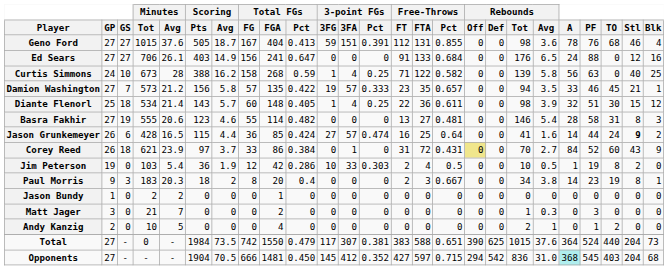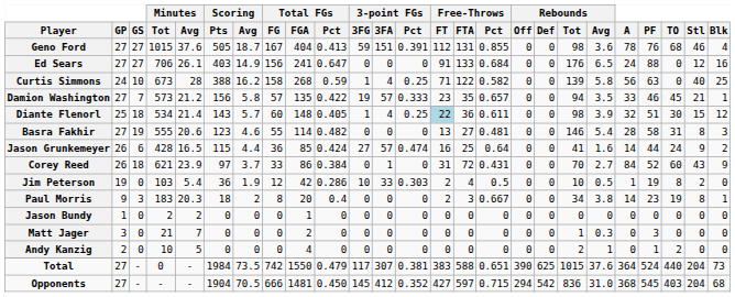 <table class="wikitable sortable" border="1" style="font-size:90%;">
 <tr>
 <th colspan="3" style="border-top-style:hidden; border-left-style:hidden; background: white;"></th>
 <th colspan="2" style=>Minutes</th>
 <th colspan="2" style=>Scoring</th>
 <th colspan="3" style=>Total FGs</th>
 <th colspan="3" style=>3-point FGs</th>
 <th colspan="3" style=>Free-Throws</th>
 <th colspan="4" style=>Rebounds</th>
 <th colspan="5" style="border-top-style:hidden; border-right-style:hidden; background: white;"></th>
 </tr>
 <tr>
 <th scope="col" style=>Player</th>
 <th scope="col" style=>GP</th>
 <th scope="col" style=>GS</th>
 <th scope="col" style=>Tot</th>
 <th scope="col" style=>Avg</th>
 <th scope="col" style=>Pts</th>
 <th scope="col" style=>Avg</th>
 <th scope="col" style=>FG</th>
 <th scope="col" style=>FGA</th>
 <th scope="col" style=>Pct</th>
 <th scope="col" style=>3FG</th>
 <th scope="col" style=>3FA</th>
 <th scope="col" style=>Pct</th>
 <th scope="col" style=>FT</th>
 <th scope="col" style=>FTA</th>
 <th scope="col" style=>Pct</th>
 <th scope="col" style=>Off</th>
 <th scope="col" style=>Def</th>
 <th scope="col" style=>Tot</th>
 <th scope="col" style=>Avg</th>
 <th scope="col" style=>A</th>
 <th scope="col" style=>PF</th>
 <th scope="col" style=>TO</th>
 <th scope="col" style=>Stl</th>
 <th scope="col" style=>Blk</th>
 </tr>
 <tr>
 <th>Geno Ford</th>
 <td align="right">27</td>
 <td align="right">27</td>
 <td align="right">1015</td>
 <td align="right">37.6</td>
 <td align="right">505</td>
 <td align="right">18.7</td>
 <td align="right">167</td>
 <td align="right">404</td>
 <td align="right">0.413</td>
 <td align="right">59</td>
 <td align="right">151</td>
 <td align="right">0.391</td>
 <td align="right">112</td>
 <td align="right">131</td>
 <td align="right">0.855</td>
 <td align="right">0</td>
 <td align="right">0</td>
 <td align="right">98</td>
 <td align="right">3.6</td>
 <td align="right">78</td>
 <td align="right">76</td>
 <td align="right">68</td>
 <td align="right">46</td>
 <td align="right">4</td>
 </tr>
 <tr>
 <th>Ed Sears</th>
 <td align="right">27</td>
 <td align="right">27</td>
 <td align="right">706</td>
 <td align="right">26.1</td>
 <td align="right">403</td>
 <td align="right">14.9</td>
 <td align="right">156</td>
 <td align="right">241</td>
 <td align="right">0.647</td>
 <td align="right">0</td>
 <td align="right">0</td>
 <td align="right">0</td>
 <td align="right">91</td>
 <td align="right">133</td>
 <td align="right">0.684</td>
 <td align="right">0</td>
 <td align="right">0</td>
 <td align="right">176</td>
 <td align="right">6.5</td>
 <td align="right">24</td>
 <td align="right">88</td>
 <td align="right">0</td>
 <td align="right">12</td>
 <td align="right">16</td>
 </tr>
 <tr>
 <th>Curtis Simmons</th>
 <td align="right">24</td>
 <td align="right">10</td>
 <td align="right">673</td>
 <td align="right">28</td>
 <td align="right">388</td>
 <td align="right">16.2</td>
 <td align="right">158</td>
 <td align="right">268</td>
 <td align="right">0.59</td>
 <td align="right">1</td>
 <td align="right">4</td>
 <td align="right">0.25</td>
 <td align="right">71</td>
 <td align="right">122</td>
 <td align="right">0.582</td>
 <td align="right">0</td>
 <td align="right">0</td>
 <td align="right">139</td>
 <td align="right">5.8</td>
 <td align="right">56</td>
 <td align="right">63</td>
 <td align="right">0</td>
 <td align="right">40</td>
 <td align="right">25</td>
 </tr>
 <tr>
 <th>Damion Washington</th>
 <td align="right">27</td>
 <td align="right">7</td>
 <td align="right">573</td>
 <td align="right">21.2</td>
 <td align="right">156</td>
 <td align="right">5.8</td>
 <td align="right">57</td>
 <td align="right">135</td>
 <td align="right">0.422</td>
 <td align="right">19</td>
 <td align="right">57</td>
 <td align="right">0.333</td>
 <td align="right">23</td>
 <td align="right">35</td>
 <td align="right">0.657</td>
 <td align="right">0</td>
 <td align="right">0</td>
 <td align="right">94</td>
 <td align="right">3.5</td>
 <td align="right">33</td>
 <td align="right">46</td>
 <td align="right">45</td>
 <td align="right">21</td>
 <td align="right">1</td>
 </tr>
 <tr>
 <th>Diante Flenorl</th>
 <td align="right">25</td>
 <td align="right">18</td>
 <td align="right">534</td>
 <td align="right">21.4</td>
 <td align="right">143</td>
 <td align="right">5.7</td>
 <td align="right">60</td>
 <td align="right">148</td>
 <td align="right">0.405</td>
 <td align="right">1</td>
 <td align="right">4</td>
 <td align="right">0.25</td>
-<td align="right">22</td>
+<td align="right" style="background: lightblue;">22</td>
 <td align="right">36</td>
 <td align="right">0.611</td>
 <td align="right">0</td>
 <td align="right">0</td>
 <td align="right">98</td>
 <td align="right">3.9</td>
 <td align="right">32</td>
 <td align="right">51</td>
 <td align="right">30</td>
 <td align="right">15</td>
 <td align="right">12</td>
 </tr>
 <tr>
 <th>Basra Fakhir</th>
 <td align="right">27</td>
 <td align="right">19</td>
 <td align="right">555</td>
 <td align="right">20.6</td>
 <td align="right">123</td>
 <td align="right">4.6</td>
 <td align="right">55</td>
 <td align="right">114</td>
 <td align="right">0.482</td>
 <td align="right">0</td>
 <td align="right">0</td>
 <td align="right">0</td>
 <td align="right">13</td>
 <td align="right">27</td>
 <td align="right">0.481</td>
 <td align="right">0</td>
 <td align="right">0</td>
 <td align="right">146</td>
 <td align="right">5.4</td>
 <td align="right">28</td>
 <td align="right">58</td>
 <td align="right">31</td>
 <td align="right">8</td>
 <td align="right">3</td>
 </tr>
 <tr>
 <th>Jason Grunkemeyer</th>
 <td align="right">26</td>
 <td align="right">6</td>
 <td align="right">428</td>
 <td align="right">16.5</td>
 <td align="right">115</td>
 <td align="right">4.4</td>
 <td align="right">36</td>
 <td align="right">85</td>
 <td align="right">0.424</td>
 <td align="right">27</td>
 <td align="right">57</td>
 <td align="right">0.474</td>
 <td align="right">16</td>
 <td align="right">25</td>
 <td align="right">0.64</td>
 <td align="right">0</td>
 <td align="right">0</td>
 <td align="right">41</td>
 <td align="right">1.6</td>
 <td align="right">14</td>
 <td align="right">44</td>
 <td align="right">24</td>
-<td align="right"><strong>9</strong></td>
+<td align="right">9</td>
 <td align="right">2</td>
 </tr>
 <tr>
 <th>Corey Reed</th>
 <td align="right">26</td>
 <td align="right">18</td>
 <td align="right">621</td>
 <td align="right">23.9</td>
 <td align="right">97</td>
 <td align="right">3.7</td>
 <td align="right">33</td>
 <td align="right">86</td>
 <td align="right">0.384</td>
 <td align="right">0</td>
 <td align="right">1</td>
 <td align="right">0</td>
 <td align="right">31</td>
 <td align="right">72</td>
 <td align="right">0.431</td>
-<td align="right" style="background: khaki;">0</td>
+<td align="right">0</td>
 <td align="right">0</td>
 <td align="right">70</td>
 <td align="right">2.7</td>
 <td align="right">84</td>
 <td align="right">52</td>
 <td align="right">60</td>
 <td align="right">43</td>
 <td align="right">9</td>
 </tr>
 <tr>
 <th>Jim Peterson</th>
 <td align="right">19</td>
 <td align="right">0</td>
 <td align="right">103</td>
 <td align="right">5.4</td>
 <td align="right">36</td>
 <td align="right">1.9</td>
 <td align="right">12</td>
 <td align="right">42</td>
 <td align="right">0.286</td>
 <td align="right">10</td>
 <td align="right">33</td>
 <td align="right">0.303</td>
 <td align="right">2</td>
 <td align="right">4</td>
 <td align="right">0.5</td>
 <td align="right">0</td>
 <td align="right">0</td>
 <td align="right">10</td>
 <td align="right">0.5</td>
 <td align="right">1</td>
 <td align="right">19</td>
 <td align="right">8</td>
 <td align="right">2</td>
 <td align="right">0</td>
 </tr>
 <tr>
 <th>Paul Morris</th>
 <td align="right">9</td>
 <td align="right">3</td>
 <td align="right">183</td>
 <td align="right">20.3</td>
 <td align="right">18</td>
 <td align="right">2</td>
 <td align="right">8</td>
 <td align="right">20</td>
 <td align="right">0.4</td>
 <td align="right">0</td>
 <td align="right">0</td>
 <td align="right">0</td>
 <td align="right">2</td>
 <td align="right">3</td>
 <td align="right">0.667</td>
 <td align="right">0</td>
 <td align="right">0</td>
 <td align="right">34</td>
 <td align="right">3.8</td>
 <td align="right">14</td>
 <td align="right">23</td>
 <td align="right">19</td>
 <td align="right">8</td>
 <td align="right">1</td>
 </tr>
 <tr>
 <th>Jason Bundy</th>
 <td align="right">1</td>
 <td align="right">0</td>
 <td align="right">2</td>
 <td align="right">2</td>
 <td align="right">0</td>
 <td align="right">0</td>
 <td align="right">0</td>
 <td align="right">1</td>
 <td align="right">0</td>
 <td align="right">0</td>
 <td align="right">0</td>
 <td align="right">0</td>
 <td align="right">0</td>
 <td align="right">0</td>
 <td align="right">0</td>
 <td align="right">0</td>
 <td align="right">0</td>
 <td align="right">0</td>
 <td align="right">0</td>
 <td align="right">0</td>
 <td align="right">0</td>
 <td align="right">0</td>
 <td align="right">0</td>
 <td align="right">0</td>
 </tr>
 <tr>
 <th>Matt Jager</th>
 <td align="right">3</td>
 <td align="right">0</td>
 <td align="right">21</td>
 <td align="right">7</td>
 <td align="right">0</td>
 <td align="right">0</td>
 <td align="right">0</td>
 <td align="right">2</td>
 <td align="right">0</td>
 <td align="right">0</td>
 <td align="right">0</td>
 <td align="right">0</td>
 <td align="right">0</td>
 <td align="right">0</td>
 <td align="right">0</td>
 <td align="right">0</td>
 <td align="right">0</td>
 <td align="right">1</td>
 <td align="right">0.3</td>
 <td align="right">0</td>
 <td align="right">3</td>
 <td align="right">0</td>
 <td align="right">0</td>
 <td align="right">0</td>
 </tr>
 <tr>
 <th>Andy Kanzig</th>
 <td align="right">2</td>
 <td align="right">0</td>
 <td align="right">10</td>
 <td align="right">5</td>
 <td align="right">0</td>
 <td align="right">0</td>
 <td align="right">0</td>
 <td align="right">4</td>
 <td align="right">0</td>
 <td align="right">0</td>
 <td align="right">0</td>
 <td align="right">0</td>
 <td align="right">0</td>
 <td align="right">0</td>
 <td align="right">0</td>
 <td align="right">0</td>
 <td align="right">0</td>
 <td align="right">2</td>
 <td align="right">1</td>
 <td align="right">0</td>
 <td align="right">1</td>
 <td align="right">2</td>
 <td align="right">0</td>
 <td align="right">0</td>
 </tr>
 <tr>
 </tr>
 <tr class="sortbottom">
 <td align="center" style=><strong>Total</strong></td>
 <td align="center" style=>27</td>
 <td align="center" style=>-</td>
 <td align="center" style=>0</td>
 <td align="center" style=>-</td>
 <td align="center" style=>1984</td>
 <td align="center" style=>73.5</td>
 <td align="center" style=>742</td>
 <td align="center" style=>1550</td>
 <td align="center" style=>0.479</td>
 <td align="center" style=>117</td>
 <td align="center" style=>307</td>
 <td align="center" style=>0.381</td>
 <td align="center" style=>383</td>
 <td align="center" style=>588</td>
 <td align="center" style=>0.651</td>
 <td align="center" style=>390</td>
 <td align="center" style=>625</td>
 <td align="center" style=>1015</td>
 <td align="center" style=>37.6</td>
 <td align="center" style=>364</td>
 <td align="center" style=>524</td>
 <td align="center" style=>440</td>
 <td align="center" style=>204</td>
 <td align="center" style=>73</td>
 </tr>
 <tr class="sortbottom">
 <td align="center"><strong>Opponents</strong></td>
 <td align="center">27</td>
 <td align="center">-</td>
 <td align="center">-</td>
 <td align="center">-</td>
 <td align="center">1904</td>
 <td align="center">70.5</td>
 <td align="center">666</td>
 <td align="center">1481</td>
 <td align="center">0.450</td>
 <td align="center">145</td>
 <td align="center">412</td>
 <td align="center">0.352</td>
 <td align="center">427</td>
 <td align="center">597</td>
 <td align="center">0.715</td>
 <td align="center">294</td>
 <td align="center">542</td>
 <td align="center">836</td>
 <td align="center">31.0</td>
-<td align="center" style="background: paleturquoise;">368</td>
+<td align="center">368</td>
 <td align="center">545</td>
 <td align="center">403</td>
 <td align="center">204</td>
 <td align="center">68</td>
 </tr>
 </table>
